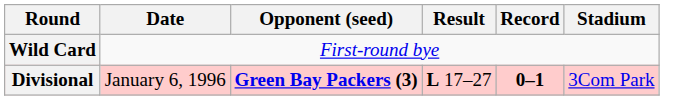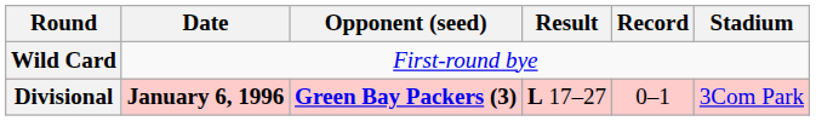 <table class="wikitable" style="text-align:center">
 <tr>
 <th>Round</th>
 <th>Date</th>
 <th>Opponent (seed)</th>
 <th>Result</th>
 <th>Record</th>
 <th>Stadium</th>
 </tr>
 <tr>
 <th>Wild Card</th>
 <td colspan=7><em><a href='#'>First-round bye</a></em></td>
 </tr>
 <tr style="background:#fcc">
 <th>Divisional</th>
-<td>January 6, 1996</td>
+<td><strong>January 6, 1996</strong></td>
 <td><strong><a href='#'>Green Bay Packers</a> (3)</strong></td>
 <td><strong>L</strong> 17–27</td>
-<td><strong>0–1</strong></td>
+<td>0–1</td>
 <td><a href='#'>3Com Park</a></td>
 </tr>
 </table>
